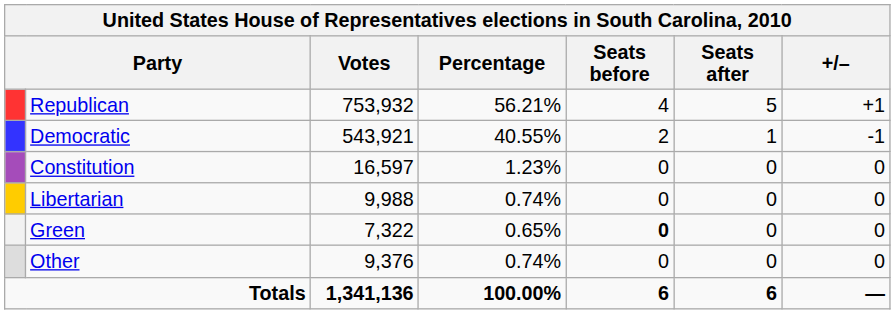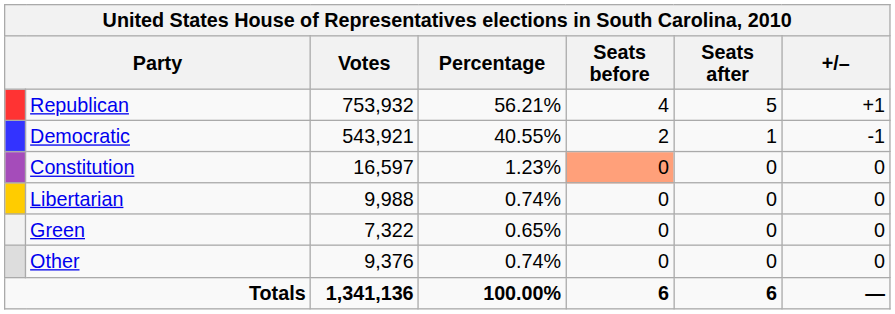 <table class="wikitable" style="font-size: 95%;">
 <tr>
 <th colspan="7">United States House of Representatives elections in South Carolina, 2010</th>
 </tr>
 <tr>
 <th colspan=2 style="width: 15em">Party</th>
 <th style="width: 5em">Votes</th>
 <th style="width: 7em">Percentage</th>
 <th style="width: 5em">Seats before</th>
 <th style="width: 5em">Seats after</th>
 <th style="width: 5em">+/–</th>
 </tr>
 <tr>
 <th style="background:#f33; width:3px;"></th>
 <td style="width: 130px"><a href='#'>Republican</a></td>
 <td style="text-align:right;">753,932</td>
 <td style="text-align:right;">56.21%</td>
 <td style="text-align:right;">4</td>
 <td style="text-align:right;">5</td>
 <td style="text-align:right;">+1</td>
 </tr>
 <tr>
 <th style="background:#33f; width:3px;"></th>
 <td style="width: 130px"><a href='#'>Democratic</a></td>
 <td style="text-align:right;">543,921</td>
 <td style="text-align:right;">40.55%</td>
 <td style="text-align:right;">2</td>
 <td style="text-align:right;">1</td>
 <td style="text-align:right;">-1</td>
 </tr>
 <tr>
 <th style="background:#a54cba; width:3px;"></th>
 <td style="width: 130px"><a href='#'>Constitution</a></td>
 <td style="text-align:right;">16,597</td>
 <td style="text-align:right;">1.23%</td>
-<td style="text-align:right;">0</td>
+<td style="background: lightsalmon; text-align:right;">0</td>
 <td style="text-align:right;">0</td>
 <td style="text-align:right;">0</td>
 </tr>
 <tr>
 <th style="background:#fc0; width:3px;"></th>
 <td style="width: 130px"><a href='#'>Libertarian</a></td>
 <td style="text-align:right;">9,988</td>
 <td style="text-align:right;">0.74%</td>
 <td style="text-align:right;">0</td>
 <td style="text-align:right;">0</td>
 <td style="text-align:right;">0</td>
 </tr>
 <tr>
 <th style="width:3px;"></th>
 <td style="width: 130px"><a href='#'>Green</a></td>
 <td style="text-align:right;">7,322</td>
 <td style="text-align:right;">0.65%</td>
-<td style="text-align:right;"><strong>0</strong></td>
+<td style="text-align:right;">0</td>
 <td style="text-align:right;">0</td>
 <td style="text-align:right;">0</td>
 </tr>
 <tr>
 <th style="background:#ddd; width:3px;"></th>
 <td style="width: 130px"><a href='#'>Other</a></td>
 <td style="text-align:right;">9,376</td>
 <td style="text-align:right;">0.74%</td>
 <td style="text-align:right;">0</td>
 <td style="text-align:right;">0</td>
 <td style="text-align:right;">0</td>
 </tr>
 <tr style="text-align:right;">
 <td colspan="2"><strong>Totals</strong></td>
 <td><strong>1,341,136</strong></td>
 <td><strong>100.00%</strong></td>
 <td><strong>6</strong></td>
 <td><strong>6</strong></td>
 <td><strong>—</strong></td>
 </tr>
 </table>
